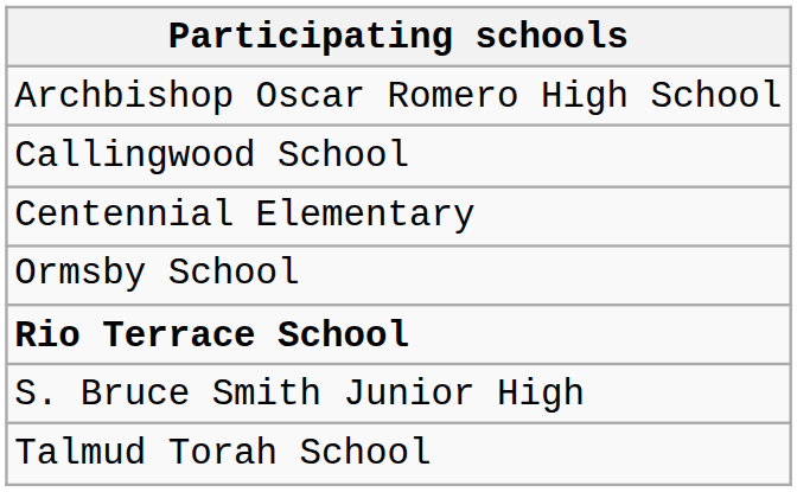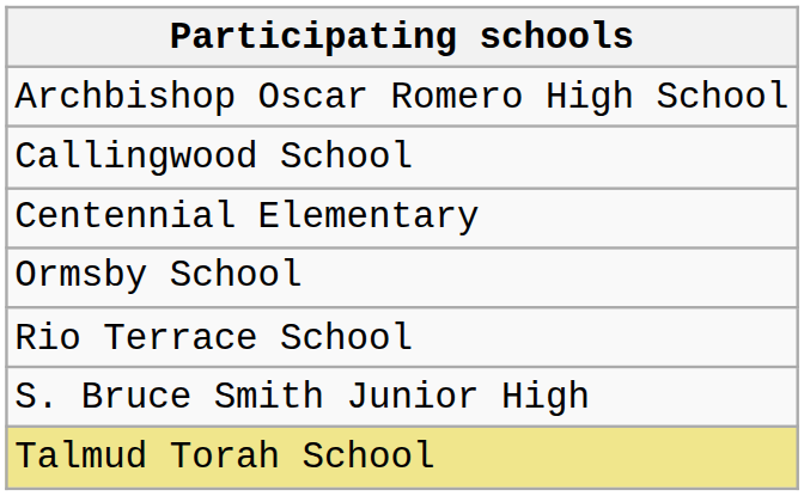 <table class="wikitable" align=right>
 <tr>
 <th>Participating schools</th>
 </tr>
 <tr>
 <td>Archbishop Oscar Romero High School</td>
 </tr>
 <tr>
 <td>Callingwood School</td>
 </tr>
 <tr>
 <td>Centennial Elementary</td>
 </tr>
 <tr>
 <td>Ormsby School</td>
 </tr>
 <tr>
-<td><strong>Rio Terrace School</strong></td>
+<td>Rio Terrace School</td>
 </tr>
 <tr>
 <td>S. Bruce Smith Junior High</td>
 </tr>
 <tr>
-<td>Talmud Torah School</td>
+<td style="background: khaki;">Talmud Torah School</td>
 </tr>
 </table>
